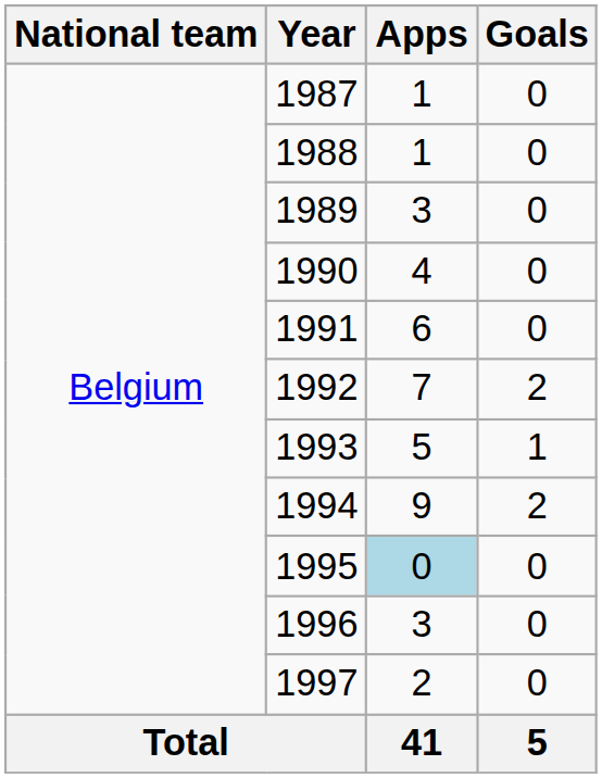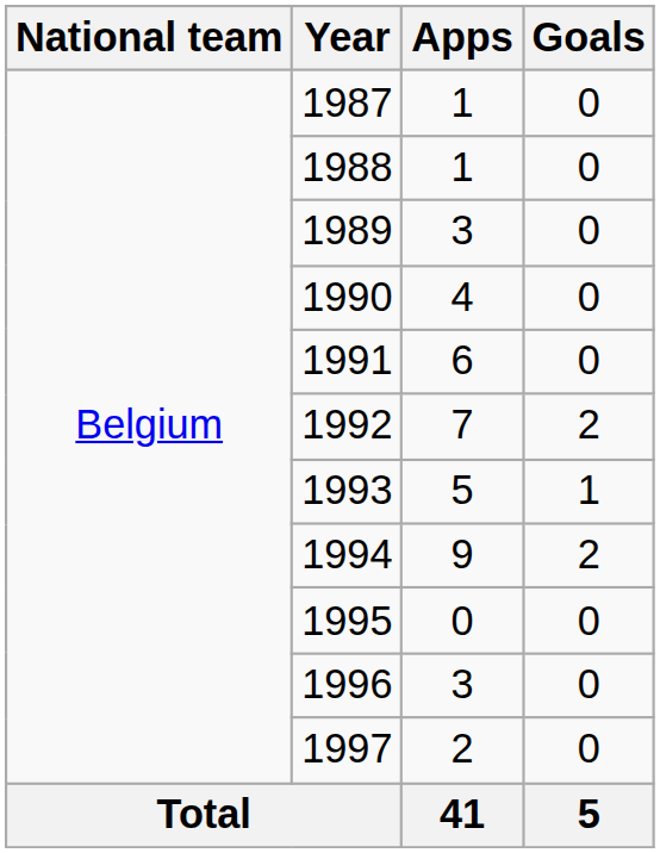 <table class="wikitable" style="text-align:center">
 <tr>
 <th>National team</th>
 <th>Year</th>
 <th>Apps</th>
 <th>Goals</th>
 </tr>
 <tr>
 <td rowspan="11"><a href='#'>Belgium</a></td>
 <td>1987</td>
 <td>1</td>
 <td>0</td>
 </tr>
 <tr>
 <td>1988</td>
 <td>1</td>
 <td>0</td>
 </tr>
 <tr>
 <td>1989</td>
 <td>3</td>
 <td>0</td>
 </tr>
 <tr>
 <td>1990</td>
 <td>4</td>
 <td>0</td>
 </tr>
 <tr>
 <td>1991</td>
 <td>6</td>
 <td>0</td>
 </tr>
 <tr>
 <td>1992</td>
 <td>7</td>
 <td>2</td>
 </tr>
 <tr>
 <td>1993</td>
 <td>5</td>
 <td>1</td>
 </tr>
 <tr>
 <td>1994</td>
 <td>9</td>
 <td>2</td>
 </tr>
 <tr>
 <td>1995</td>
-<td style="background: lightblue;">0</td>
+<td>0</td>
 <td>0</td>
 </tr>
 <tr>
 <td>1996</td>
 <td>3</td>
 <td>0</td>
 </tr>
 <tr>
 <td>1997</td>
 <td>2</td>
 <td>0</td>
 </tr>
 <tr>
 <th colspan="2">Total</th>
 <th>41</th>
 <th>5</th>
 </tr>
 </table>
